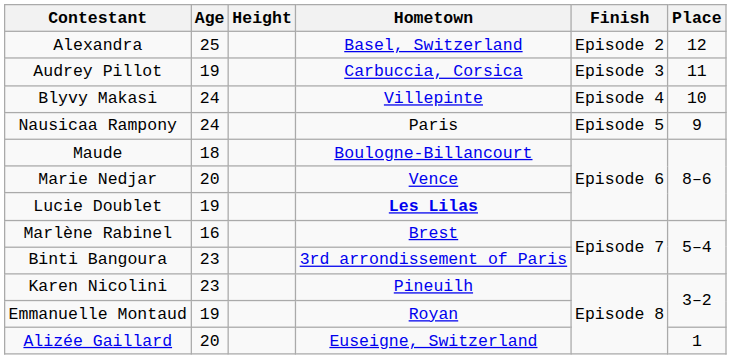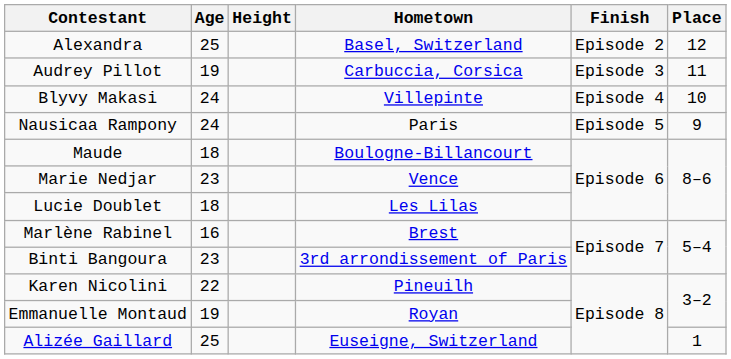 <table class="wikitable sortable" style="text-align:center;">
 <tr>
 <th colspan="1">Contestant</th>
 <th colspan="1">Age</th>
 <th colspan="1">Height</th>
 <th colspan="1">Hometown</th>
 <th colspan="1">Finish</th>
 <th>Place</th>
 </tr>
 <tr>
 <td>Alexandra</td>
 <td>25</td>
 <td></td>
 <td><a href='#'>Basel, Switzerland</a></td>
 <td>Episode 2</td>
 <td>12</td>
 </tr>
 <tr>
 <td>Audrey Pillot</td>
 <td>19</td>
 <td></td>
 <td><a href='#'>Carbuccia, Corsica</a></td>
 <td>Episode 3</td>
 <td>11</td>
 </tr>
 <tr>
 <td>Blyvy Makasi</td>
 <td>24</td>
 <td></td>
 <td><a href='#'>Villepinte</a></td>
 <td>Episode 4</td>
 <td>10</td>
 </tr>
 <tr>
 <td>Nausicaa Rampony</td>
 <td>24</td>
 <td></td>
 <td>Paris</td>
 <td>Episode 5</td>
 <td>9</td>
 </tr>
 <tr>
 <td>Maude</td>
 <td>18</td>
 <td></td>
 <td><a href='#'>Boulogne-Billancourt</a></td>
 <td rowspan="3">Episode 6</td>
 <td rowspan="3">8–6</td>
 </tr>
 <tr>
 <td>Marie Nedjar</td>
-<td>20</td>
+<td>23</td>
 <td></td>
 <td><a href='#'>Vence</a></td>
 </tr>
 <tr>
 <td>Lucie Doublet</td>
-<td>19</td>
+<td>18</td>
 <td></td>
-<td><strong><a href='#'>Les Lilas</a></strong></td>
+<td><a href='#'>Les Lilas</a></td>
 </tr>
 <tr>
 <td>Marlène Rabinel</td>
 <td>16</td>
 <td></td>
 <td><a href='#'>Brest</a></td>
 <td rowspan="2">Episode 7</td>
 <td rowspan="2">5–4</td>
 </tr>
 <tr>
 <td>Binti Bangoura</td>
 <td>23</td>
 <td></td>
 <td><a href='#'>3rd arrondissement of Paris</a></td>
 </tr>
 <tr>
 <td>Karen Nicolini</td>
-<td>23</td>
+<td>22</td>
 <td></td>
 <td><a href='#'>Pineuilh</a></td>
 <td rowspan="3">Episode 8</td>
 <td rowspan="2">3–2</td>
 </tr>
 <tr>
 <td>Emmanuelle Montaud</td>
 <td>19</td>
 <td></td>
 <td><a href='#'>Royan</a></td>
 </tr>
 <tr>
 <td><a href='#'>Alizée Gaillard</a></td>
-<td>20</td>
+<td>25</td>
 <td></td>
 <td><a href='#'>Euseigne, Switzerland</a></td>
 <td>1</td>
 </tr>
 </table>
